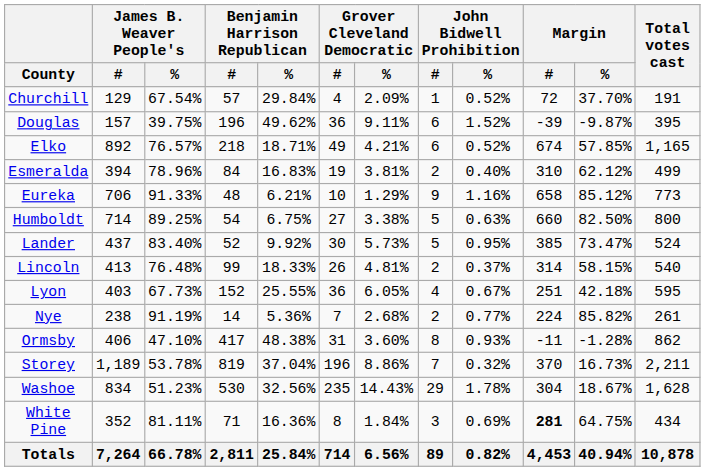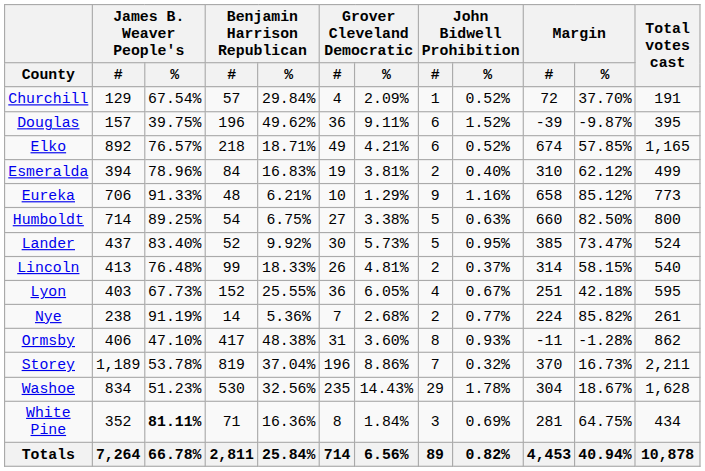 <table class="wikitable sortable" style="text-align:center">
 <tr>
 <th colspan="1"></th>
 <th style="text-align:center;" colspan="2">James B. Weaver<br>People's</th>
 <th style="text-align:center;" colspan="2">Benjamin Harrison<br>Republican</th>
 <th style="text-align:center;" colspan="2">Grover Cleveland<br>Democratic</th>
 <th style="text-align:center;" colspan="2">John Bidwell<br>Prohibition</th>
 <th style="text-align:center;" colspan="2">Margin</th>
 <th style="text-align:center;" rowspan="2">Total votes cast</th>
 </tr>
 <tr>
 <th align=center>County</th>
 <th style="text-align:center;" data-sort-type="number">#</th>
 <th style="text-align:center;" data-sort-type="number">%</th>
 <th style="text-align:center;" data-sort-type="number">#</th>
 <th style="text-align:center;" data-sort-type="number">%</th>
 <th style="text-align:center;" data-sort-type="number">#</th>
 <th style="text-align:center;" data-sort-type="number">%</th>
 <th style="text-align:center;" data-sort-type="number">#</th>
 <th style="text-align:center;" data-sort-type="number">%</th>
 <th style="text-align:center;" data-sort-type="number">#</th>
 <th style="text-align:center;" data-sort-type="number">%</th>
 </tr>
 <tr style="text-align:center;">
 <td><a href='#'>Churchill</a></td>
 <td>129</td>
 <td>67.54%</td>
 <td>57</td>
 <td>29.84%</td>
 <td>4</td>
 <td>2.09%</td>
 <td>1</td>
 <td>0.52%</td>
 <td>72</td>
 <td>37.70%</td>
 <td>191</td>
 </tr>
 <tr style="text-align:center;">
 <td><a href='#'>Douglas</a></td>
 <td>157</td>
 <td>39.75%</td>
 <td>196</td>
 <td>49.62%</td>
 <td>36</td>
 <td>9.11%</td>
 <td>6</td>
 <td>1.52%</td>
 <td>-39</td>
 <td>-9.87%</td>
 <td>395</td>
 </tr>
 <tr style="text-align:center;">
 <td><a href='#'>Elko</a></td>
 <td>892</td>
 <td>76.57%</td>
 <td>218</td>
 <td>18.71%</td>
 <td>49</td>
 <td>4.21%</td>
 <td>6</td>
 <td>0.52%</td>
 <td>674</td>
 <td>57.85%</td>
 <td>1,165</td>
 </tr>
 <tr style="text-align:center;">
 <td><a href='#'>Esmeralda</a></td>
 <td>394</td>
 <td>78.96%</td>
 <td>84</td>
 <td>16.83%</td>
 <td>19</td>
 <td>3.81%</td>
 <td>2</td>
 <td>0.40%</td>
 <td>310</td>
 <td>62.12%</td>
 <td>499</td>
 </tr>
 <tr style="text-align:center;">
 <td><a href='#'>Eureka</a></td>
 <td>706</td>
 <td>91.33%</td>
 <td>48</td>
 <td>6.21%</td>
 <td>10</td>
 <td>1.29%</td>
 <td>9</td>
 <td>1.16%</td>
 <td>658</td>
 <td>85.12%</td>
 <td>773</td>
 </tr>
 <tr style="text-align:center;">
 <td><a href='#'>Humboldt</a></td>
 <td>714</td>
 <td>89.25%</td>
 <td>54</td>
 <td>6.75%</td>
 <td>27</td>
 <td>3.38%</td>
 <td>5</td>
 <td>0.63%</td>
 <td>660</td>
 <td>82.50%</td>
 <td>800</td>
 </tr>
 <tr style="text-align:center;">
 <td><a href='#'>Lander</a></td>
 <td>437</td>
 <td>83.40%</td>
 <td>52</td>
 <td>9.92%</td>
 <td>30</td>
 <td>5.73%</td>
 <td>5</td>
 <td>0.95%</td>
 <td>385</td>
 <td>73.47%</td>
 <td>524</td>
 </tr>
 <tr style="text-align:center;">
 <td><a href='#'>Lincoln</a></td>
 <td>413</td>
 <td>76.48%</td>
 <td>99</td>
 <td>18.33%</td>
 <td>26</td>
 <td>4.81%</td>
 <td>2</td>
 <td>0.37%</td>
 <td>314</td>
 <td>58.15%</td>
 <td>540</td>
 </tr>
 <tr style="text-align:center;">
 <td><a href='#'>Lyon</a></td>
 <td>403</td>
 <td>67.73%</td>
 <td>152</td>
 <td>25.55%</td>
 <td>36</td>
 <td>6.05%</td>
 <td>4</td>
 <td>0.67%</td>
 <td>251</td>
 <td>42.18%</td>
 <td>595</td>
 </tr>
 <tr style="text-align:center;">
 <td><a href='#'>Nye</a></td>
 <td>238</td>
 <td>91.19%</td>
 <td>14</td>
 <td>5.36%</td>
 <td>7</td>
 <td>2.68%</td>
 <td>2</td>
 <td>0.77%</td>
 <td>224</td>
 <td>85.82%</td>
 <td>261</td>
 </tr>
 <tr style="text-align:center;">
 <td><a href='#'>Ormsby</a></td>
 <td>406</td>
 <td>47.10%</td>
 <td>417</td>
 <td>48.38%</td>
 <td>31</td>
 <td>3.60%</td>
 <td>8</td>
 <td>0.93%</td>
 <td>-11</td>
 <td>-1.28%</td>
 <td>862</td>
 </tr>
 <tr style="text-align:center;">
 <td><a href='#'>Storey</a></td>
 <td>1,189</td>
 <td>53.78%</td>
 <td>819</td>
 <td>37.04%</td>
 <td>196</td>
 <td>8.86%</td>
 <td>7</td>
 <td>0.32%</td>
 <td>370</td>
 <td>16.73%</td>
 <td>2,211</td>
 </tr>
 <tr style="text-align:center;">
 <td><a href='#'>Washoe</a></td>
 <td>834</td>
 <td>51.23%</td>
 <td>530</td>
 <td>32.56%</td>
 <td>235</td>
 <td>14.43%</td>
 <td>29</td>
 <td>1.78%</td>
 <td>304</td>
 <td>18.67%</td>
 <td>1,628</td>
 </tr>
 <tr style="text-align:center;">
 <td><a href='#'>White Pine</a></td>
 <td>352</td>
-<td>81.11%</td>
+<td><strong>81.11%</strong></td>
 <td>71</td>
 <td>16.36%</td>
 <td>8</td>
 <td>1.84%</td>
 <td>3</td>
 <td>0.69%</td>
-<td><strong>281</strong></td>
+<td>281</td>
 <td>64.75%</td>
 <td>434</td>
 </tr>
 <tr style="text-align:center;">
 <th>Totals</th>
 <th>7,264</th>
 <th>66.78%</th>
 <th>2,811</th>
 <th>25.84%</th>
 <th>714</th>
 <th>6.56%</th>
 <th>89</th>
 <th>0.82%</th>
 <th>4,453</th>
 <th>40.94%</th>
 <th>10,878</th>
 </tr>
 </table>
